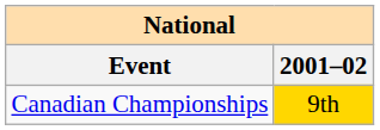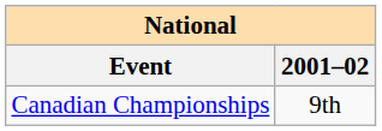 <table class="wikitable" style="text-align:center">
 <tr>
 <th style="background-color: #ffdead; " colspan=2 align=center>National</th>
 </tr>
 <tr>
 <th>Event</th>
 <th>2001–02</th>
 </tr>
 <tr>
 <td align=left><a href='#'>Canadian Championships</a></td>
-<td style="background: gold;">9th</td>
+<td>9th</td>
 </tr>
 </table>
